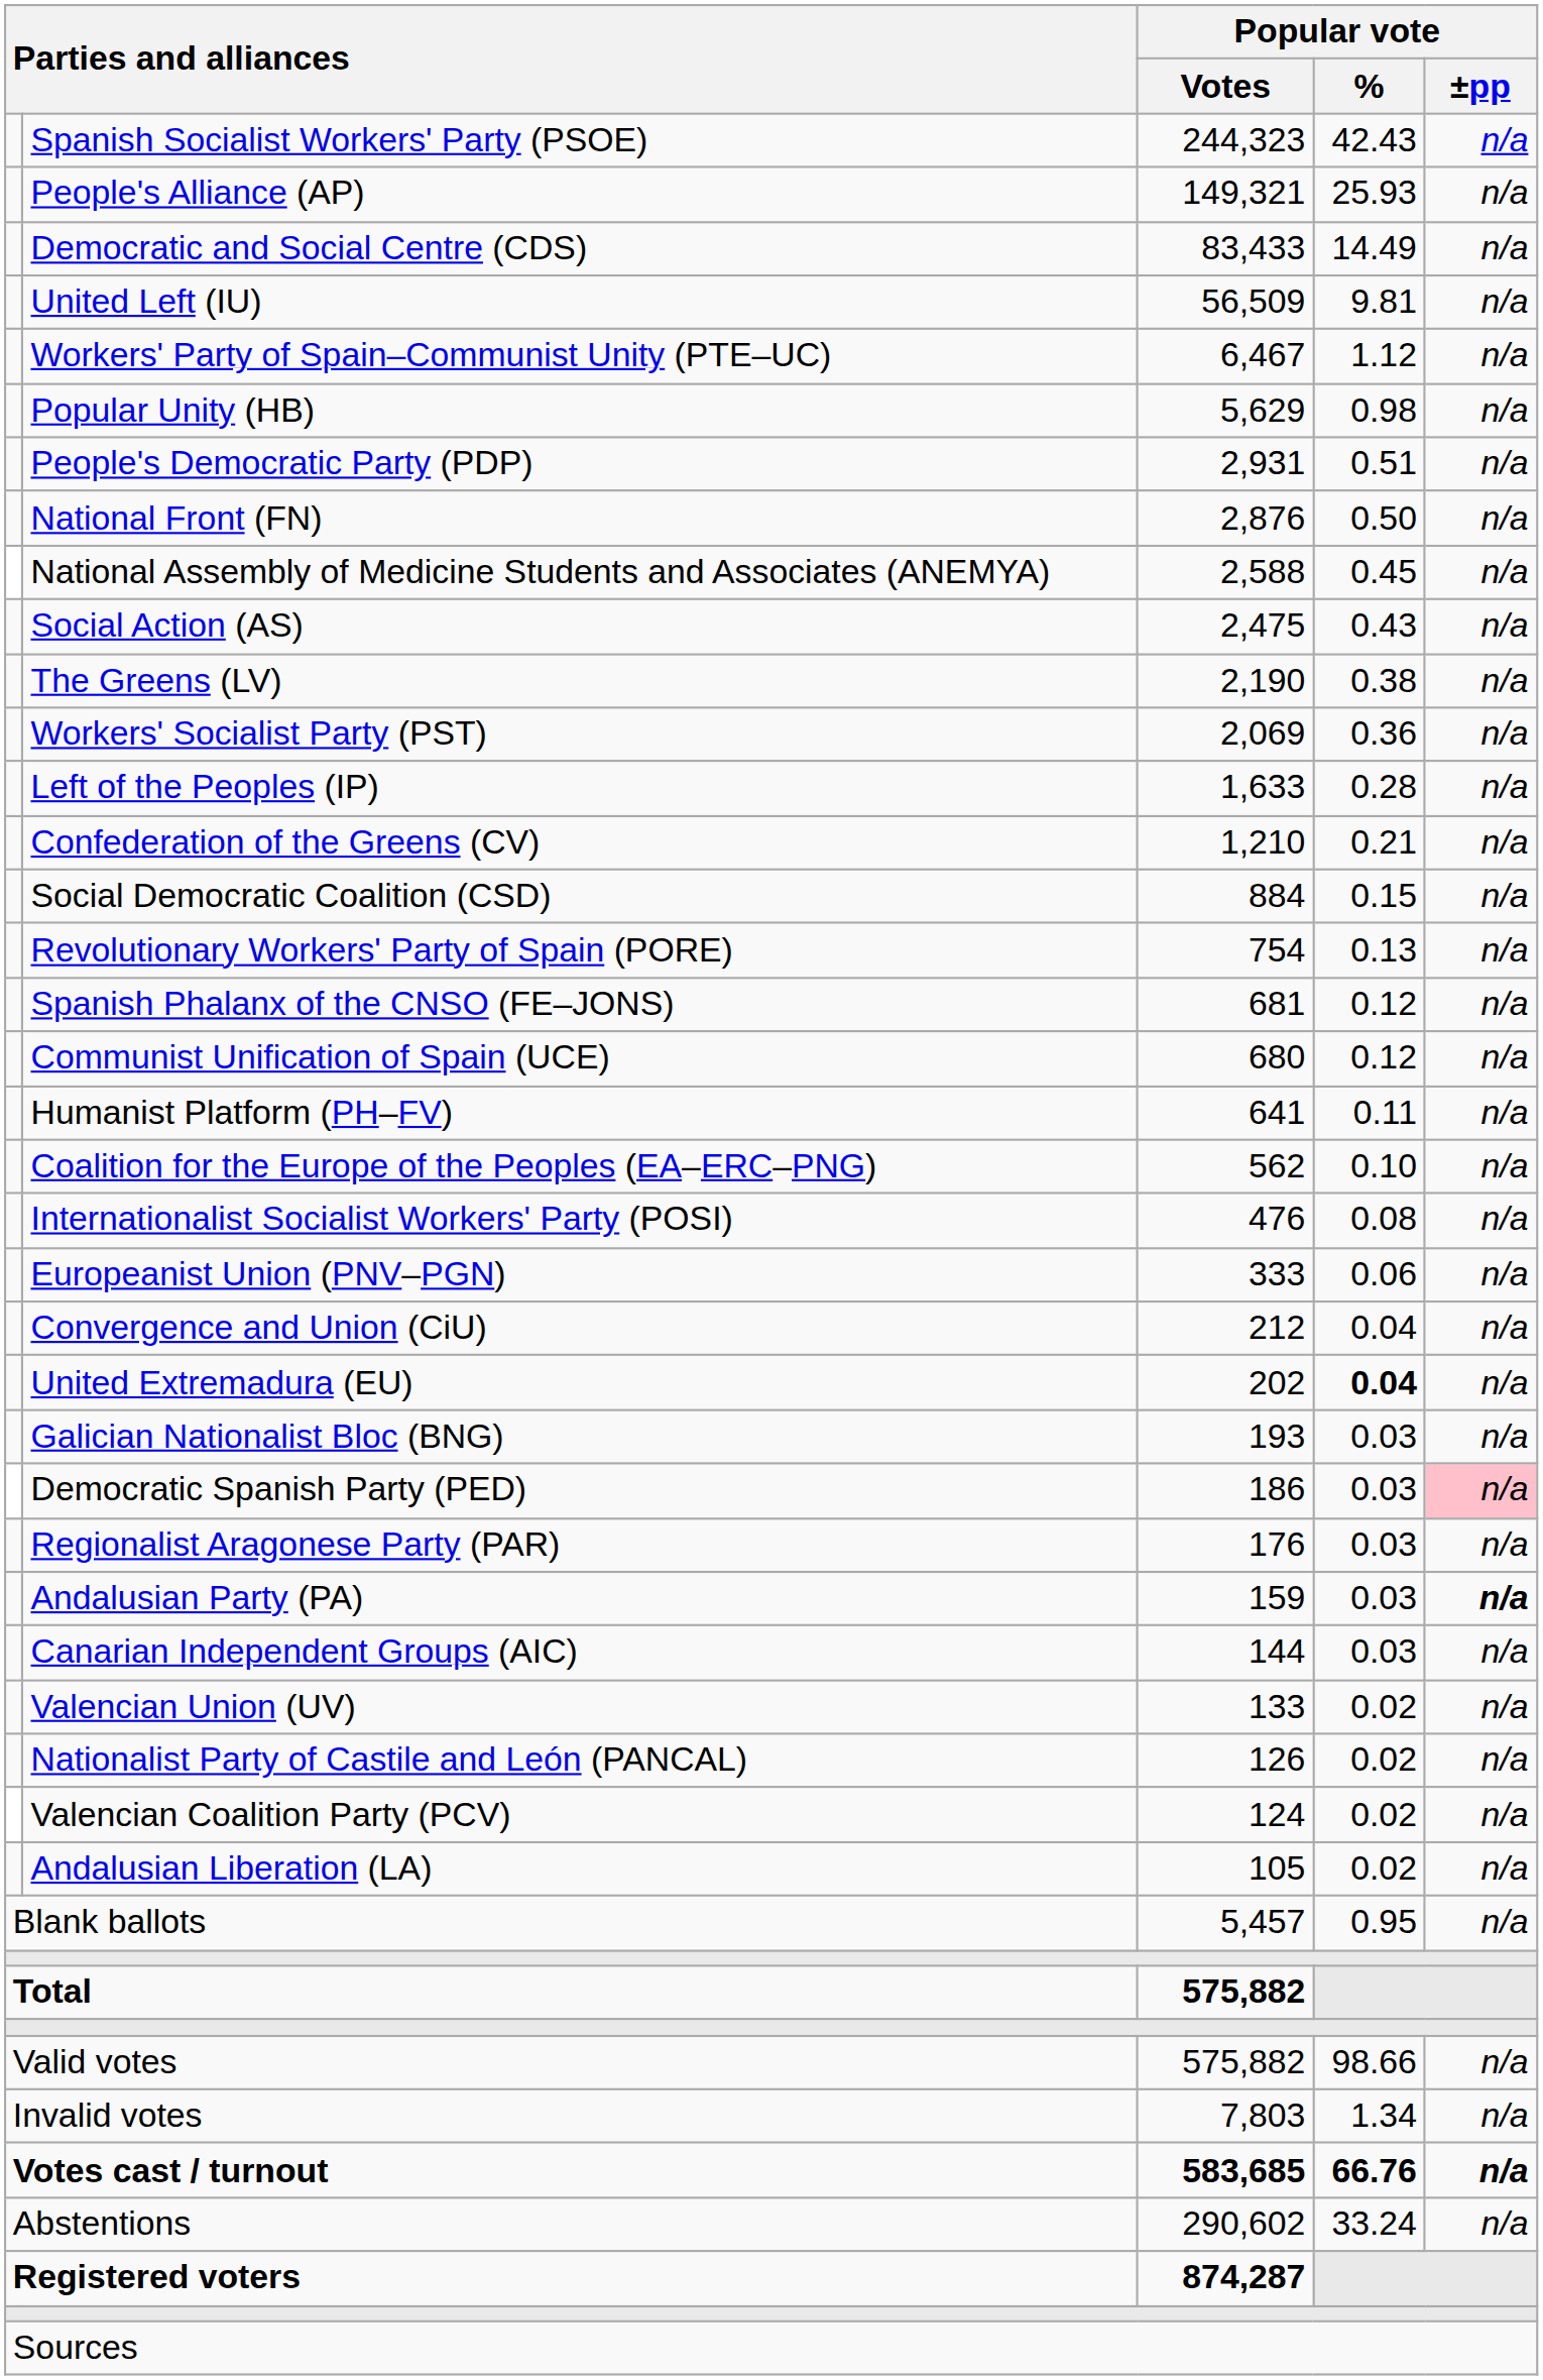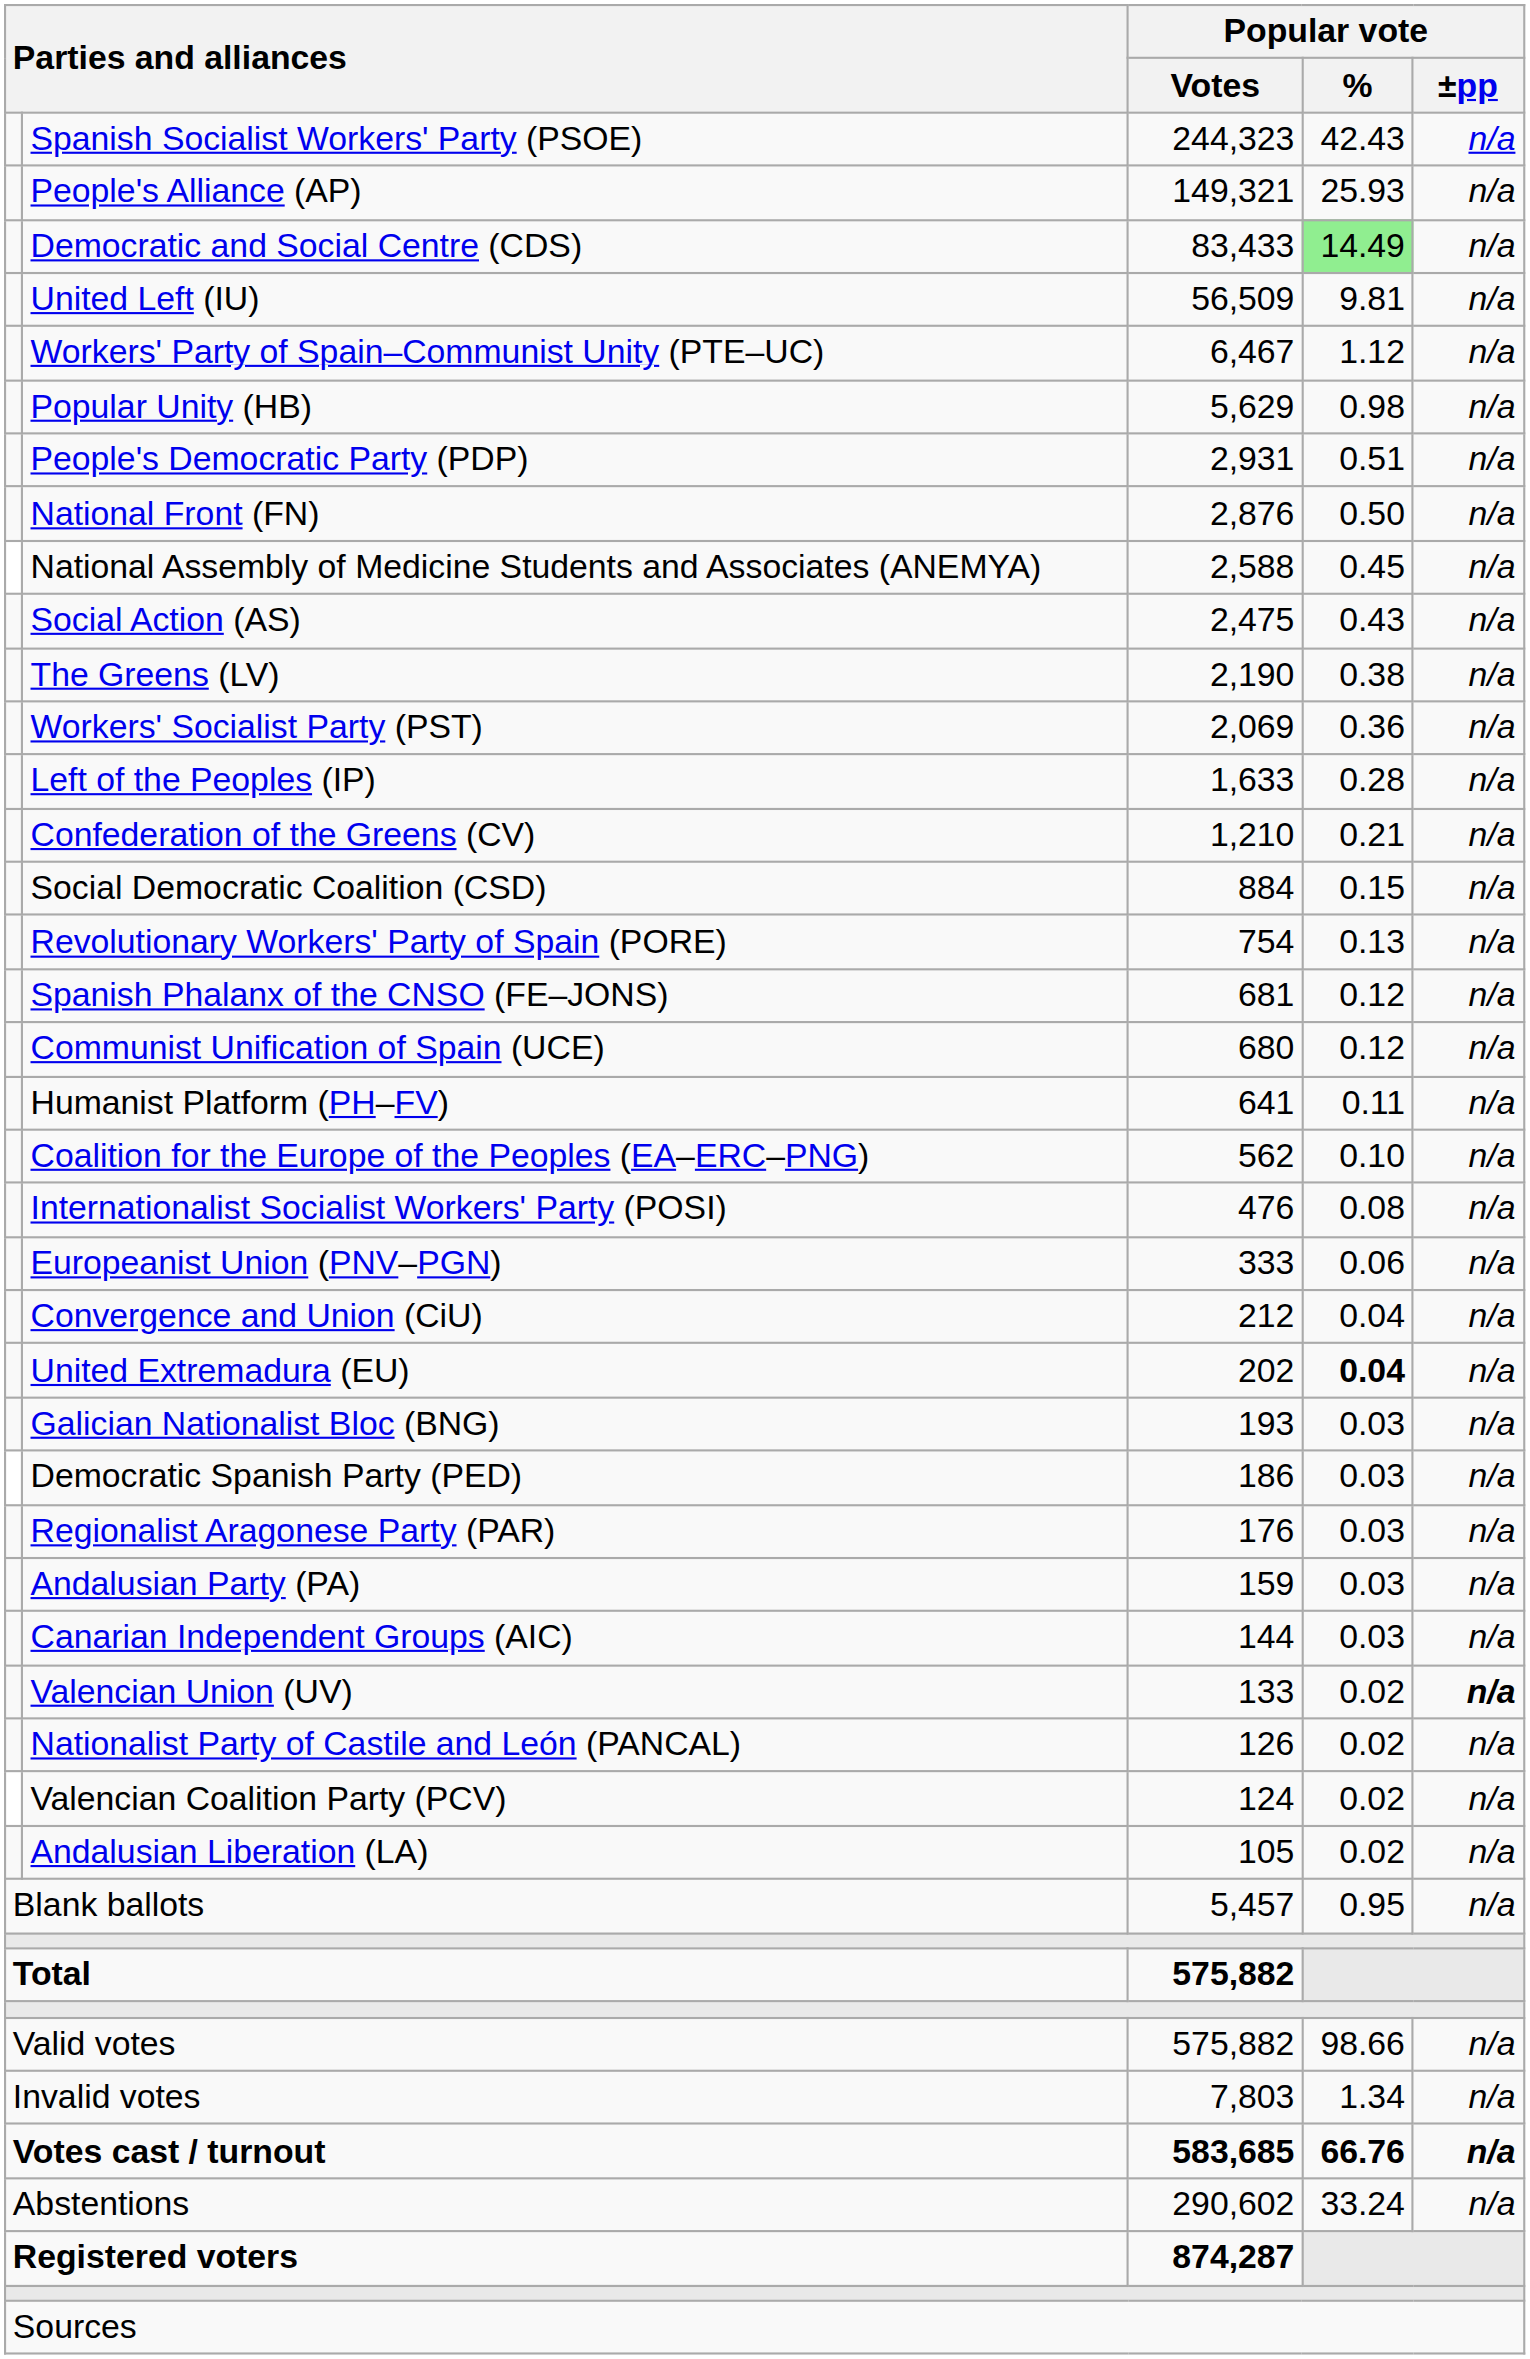 <table class="wikitable" style="text-align:right">
 <tr>
 <th style="text-align:left;" rowspan="2" colspan="2" width="525">Parties and alliances</th>
 <th colspan="3">Popular vote</th>
 </tr>
 <tr>
 <th width="75">Votes</th>
 <th width="45">%</th>
 <th width="45">±<a href='#'>pp</a></th>
 </tr>
 <tr>
 <td width="1" style="color:inherit;background:"></td>
 <td align="left"><a href='#'>Spanish Socialist Workers' Party</a> (PSOE)</td>
 <td>244,323</td>
 <td>42.43</td>
 <td><em><a href='#'>n/a</a></em></td>
 </tr>
 <tr>
 <td style="color:inherit;background:"></td>
 <td align="left"><a href='#'>People's Alliance</a> (AP)</td>
 <td>149,321</td>
 <td>25.93</td>
 <td><em>n/a</em></td>
 </tr>
 <tr>
 <td style="color:inherit;background:"></td>
 <td align="left"><a href='#'>Democratic and Social Centre</a> (CDS)</td>
 <td>83,433</td>
-<td>14.49</td>
+<td style="background: lightgreen;">14.49</td>
 <td><em>n/a</em></td>
 </tr>
 <tr>
 <td style="color:inherit;background:"></td>
 <td align="left"><a href='#'>United Left</a> (IU)</td>
 <td>56,509</td>
 <td>9.81</td>
 <td><em>n/a</em></td>
 </tr>
 <tr>
 <td style="color:inherit;background:"></td>
 <td align="left"><a href='#'>Workers' Party of Spain–Communist Unity</a> (PTE–UC)</td>
 <td>6,467</td>
 <td>1.12</td>
 <td><em>n/a</em></td>
 </tr>
 <tr>
 <td style="color:inherit;background:"></td>
 <td align="left"><a href='#'>Popular Unity</a> (HB)</td>
 <td>5,629</td>
 <td>0.98</td>
 <td><em>n/a</em></td>
 </tr>
 <tr>
 <td style="color:inherit;background:"></td>
 <td align="left"><a href='#'>People's Democratic Party</a> (PDP)</td>
 <td>2,931</td>
 <td>0.51</td>
 <td><em>n/a</em></td>
 </tr>
 <tr>
 <td style="color:inherit;background:"></td>
 <td align="left"><a href='#'>National Front</a> (FN)</td>
 <td>2,876</td>
 <td>0.50</td>
 <td><em>n/a</em></td>
 </tr>
 <tr>
 <td bgcolor="white"></td>
 <td align="left">National Assembly of Medicine Students and Associates (ANEMYA)</td>
 <td>2,588</td>
 <td>0.45</td>
 <td><em>n/a</em></td>
 </tr>
 <tr>
 <td style="color:inherit;background:"></td>
 <td align="left"><a href='#'>Social Action</a> (AS)</td>
 <td>2,475</td>
 <td>0.43</td>
 <td><em>n/a</em></td>
 </tr>
 <tr>
 <td style="color:inherit;background:"></td>
 <td align="left"><a href='#'>The Greens</a> (LV)</td>
 <td>2,190</td>
 <td>0.38</td>
 <td><em>n/a</em></td>
 </tr>
 <tr>
 <td style="color:inherit;background:"></td>
 <td align="left"><a href='#'>Workers' Socialist Party</a> (PST)</td>
 <td>2,069</td>
 <td>0.36</td>
 <td><em>n/a</em></td>
 </tr>
 <tr>
 <td style="color:inherit;background:"></td>
 <td align="left"><a href='#'>Left of the Peoples</a> (IP)</td>
 <td>1,633</td>
 <td>0.28</td>
 <td><em>n/a</em></td>
 </tr>
 <tr>
 <td style="color:inherit;background:"></td>
 <td align="left"><a href='#'>Confederation of the Greens</a> (CV)</td>
 <td>1,210</td>
 <td>0.21</td>
 <td><em>n/a</em></td>
 </tr>
 <tr>
 <td style="color:inherit;background:"></td>
 <td align="left">Social Democratic Coalition (CSD)</td>
 <td>884</td>
 <td>0.15</td>
 <td><em>n/a</em></td>
 </tr>
 <tr>
 <td style="color:inherit;background:"></td>
 <td align="left"><a href='#'>Revolutionary Workers' Party of Spain</a> (PORE)</td>
 <td>754</td>
 <td>0.13</td>
 <td><em>n/a</em></td>
 </tr>
 <tr>
 <td style="color:inherit;background:"></td>
 <td align="left"><a href='#'>Spanish Phalanx of the CNSO</a> (FE–JONS)</td>
 <td>681</td>
 <td>0.12</td>
 <td><em>n/a</em></td>
 </tr>
 <tr>
 <td style="color:inherit;background:"></td>
 <td align="left"><a href='#'>Communist Unification of Spain</a> (UCE)</td>
 <td>680</td>
 <td>0.12</td>
 <td><em>n/a</em></td>
 </tr>
 <tr>
 <td style="color:inherit;background:"></td>
 <td align="left">Humanist Platform (<a href='#'>PH</a>–<a href='#'>FV</a>)</td>
 <td>641</td>
 <td>0.11</td>
 <td><em>n/a</em></td>
 </tr>
 <tr>
 <td style="color:inherit;background:"></td>
 <td align="left"><a href='#'>Coalition for the Europe of the Peoples</a> (<a href='#'>EA</a>–<a href='#'>ERC</a>–<a href='#'>PNG</a>)</td>
 <td>562</td>
 <td>0.10</td>
 <td><em>n/a</em></td>
 </tr>
 <tr>
 <td style="color:inherit;background:"></td>
 <td align="left"><a href='#'>Internationalist Socialist Workers' Party</a> (POSI)</td>
 <td>476</td>
 <td>0.08</td>
 <td><em>n/a</em></td>
 </tr>
 <tr>
 <td style="color:inherit;background:"></td>
 <td align="left"><a href='#'>Europeanist Union</a> (<a href='#'>PNV</a>–<a href='#'>PGN</a>)</td>
 <td>333</td>
 <td>0.06</td>
 <td><em>n/a</em></td>
 </tr>
 <tr>
 <td style="color:inherit;background:"></td>
 <td align="left"><a href='#'>Convergence and Union</a> (CiU)</td>
 <td>212</td>
 <td>0.04</td>
 <td><em>n/a</em></td>
 </tr>
 <tr>
 <td style="color:inherit;background:"></td>
 <td align="left"><a href='#'>United Extremadura</a> (EU)</td>
 <td>202</td>
 <td><strong>0.04</strong></td>
 <td><em>n/a</em></td>
 </tr>
 <tr>
 <td style="color:inherit;background:"></td>
 <td align="left"><a href='#'>Galician Nationalist Bloc</a> (BNG)</td>
 <td>193</td>
 <td>0.03</td>
 <td><em>n/a</em></td>
 </tr>
 <tr>
 <td bgcolor="white"></td>
 <td align="left">Democratic Spanish Party (PED)</td>
 <td>186</td>
 <td>0.03</td>
-<td style="background: pink;"><em>n/a</em></td>
+<td><em>n/a</em></td>
 </tr>
 <tr>
 <td style="color:inherit;background:"></td>
 <td align="left"><a href='#'>Regionalist Aragonese Party</a> (PAR)</td>
 <td>176</td>
 <td>0.03</td>
 <td><em>n/a</em></td>
 </tr>
 <tr>
 <td style="color:inherit;background:"></td>
 <td align="left"><a href='#'>Andalusian Party</a> (PA)</td>
 <td>159</td>
 <td>0.03</td>
-<td><strong><em>n/a</em></strong></td>
+<td><em>n/a</em></td>
 </tr>
 <tr>
 <td style="color:inherit;background:"></td>
 <td align="left"><a href='#'>Canarian Independent Groups</a> (AIC)</td>
 <td>144</td>
 <td>0.03</td>
 <td><em>n/a</em></td>
 </tr>
 <tr>
 <td style="color:inherit;background:"></td>
 <td align="left"><a href='#'>Valencian Union</a> (UV)</td>
 <td>133</td>
 <td>0.02</td>
-<td><em>n/a</em></td>
+<td><strong><em>n/a</em></strong></td>
 </tr>
 <tr>
 <td style="color:inherit;background:"></td>
 <td align="left"><a href='#'>Nationalist Party of Castile and León</a> (PANCAL)</td>
 <td>126</td>
 <td>0.02</td>
 <td><em>n/a</em></td>
 </tr>
 <tr>
 <td bgcolor="white"></td>
 <td align="left">Valencian Coalition Party (PCV)</td>
 <td>124</td>
 <td>0.02</td>
 <td><em>n/a</em></td>
 </tr>
 <tr>
 <td style="color:inherit;background:"></td>
 <td align="left"><a href='#'>Andalusian Liberation</a> (LA)</td>
 <td>105</td>
 <td>0.02</td>
 <td><em>n/a</em></td>
 </tr>
 <tr>
 <td align="left" colspan="2">Blank ballots</td>
 <td>5,457</td>
 <td>0.95</td>
 <td><em>n/a</em></td>
 </tr>
 <tr>
 <td colspan="5" bgcolor="#E9E9E9"></td>
 </tr>
 <tr style="font-weight:bold;">
 <td align="left" colspan="2">Total</td>
 <td>575,882</td>
 <td bgcolor="#E9E9E9" colspan="2"></td>
 </tr>
 <tr>
 <td colspan="5" bgcolor="#E9E9E9"></td>
 </tr>
 <tr>
 <td align="left" colspan="2">Valid votes</td>
 <td>575,882</td>
 <td>98.66</td>
 <td><em>n/a</em></td>
 </tr>
 <tr>
 <td align="left" colspan="2">Invalid votes</td>
 <td>7,803</td>
 <td>1.34</td>
 <td><em>n/a</em></td>
 </tr>
 <tr style="font-weight:bold;">
 <td align="left" colspan="2">Votes cast / turnout</td>
 <td>583,685</td>
 <td>66.76</td>
 <td><em>n/a</em></td>
 </tr>
 <tr>
 <td align="left" colspan="2">Abstentions</td>
 <td>290,602</td>
 <td>33.24</td>
 <td><em>n/a</em></td>
 </tr>
 <tr style="font-weight:bold;">
 <td align="left" colspan="2">Registered voters</td>
 <td>874,287</td>
 <td bgcolor="#E9E9E9" colspan="2"></td>
 </tr>
 <tr>
 <td colspan="5" bgcolor="#E9E9E9"></td>
 </tr>
 <tr>
 <td align="left" colspan="5">Sources</td>
 </tr>
 </table>
